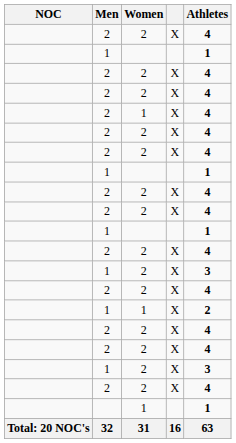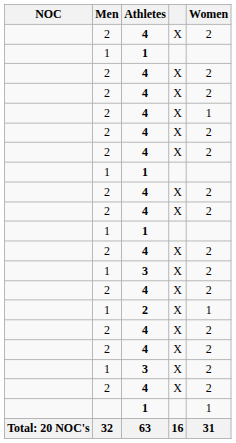 <table class="wikitable sortable" style="text-align:center; font-size:90%">
 <tr>
 <th>NOC</th>
 <th>Men</th>
+<th>Athletes</th>
+<th></th>
 <th>Women</th>
-<th></th>
-<th>Athletes</th>
 </tr>
 <tr>
 <td align=left></td>
 <td>2</td>
+<td><strong>4</strong></td>
+<td>X</td>
 <td>2</td>
-<td>X</td>
-<td><strong>4</strong></td>
 </tr>
 <tr>
 <td align=left></td>
 <td>1</td>
+<td><strong>1</strong></td>
 <td></td>
 <td></td>
-<td><strong>1</strong></td>
 </tr>
 <tr>
 <td align=left></td>
 <td>2</td>
+<td><strong>4</strong></td>
+<td>X</td>
 <td>2</td>
-<td>X</td>
-<td><strong>4</strong></td>
 </tr>
 <tr>
 <td align=left></td>
 <td>2</td>
+<td><strong>4</strong></td>
+<td>X</td>
 <td>2</td>
-<td>X</td>
-<td><strong>4</strong></td>
 </tr>
 <tr>
 <td align=left></td>
 <td>2</td>
+<td><strong>4</strong></td>
+<td>X</td>
 <td>1</td>
-<td>X</td>
-<td><strong>4</strong></td>
 </tr>
 <tr>
 <td align=left></td>
 <td>2</td>
+<td><strong>4</strong></td>
+<td>X</td>
 <td>2</td>
-<td>X</td>
-<td><strong>4</strong></td>
 </tr>
 <tr>
 <td align=left></td>
 <td>2</td>
+<td><strong>4</strong></td>
+<td>X</td>
 <td>2</td>
-<td>X</td>
-<td><strong>4</strong></td>
 </tr>
 <tr>
 <td align=left></td>
 <td>1</td>
+<td><strong>1</strong></td>
 <td></td>
 <td></td>
-<td><strong>1</strong></td>
 </tr>
 <tr>
 <td align=left></td>
 <td>2</td>
+<td><strong>4</strong></td>
+<td>X</td>
 <td>2</td>
-<td>X</td>
-<td><strong>4</strong></td>
 </tr>
 <tr>
 <td align=left></td>
 <td>2</td>
+<td><strong>4</strong></td>
+<td>X</td>
 <td>2</td>
-<td>X</td>
-<td><strong>4</strong></td>
 </tr>
 <tr>
 <td align=left></td>
 <td>1</td>
+<td><strong>1</strong></td>
 <td></td>
 <td></td>
-<td><strong>1</strong></td>
 </tr>
 <tr>
 <td align=left></td>
 <td>2</td>
+<td><strong>4</strong></td>
+<td>X</td>
 <td>2</td>
-<td>X</td>
-<td><strong>4</strong></td>
 </tr>
 <tr>
 <td align=left></td>
 <td>1</td>
+<td><strong>3</strong></td>
+<td>X</td>
 <td>2</td>
-<td>X</td>
-<td><strong>3</strong></td>
 </tr>
 <tr>
 <td align=left></td>
 <td>2</td>
+<td><strong>4</strong></td>
+<td>X</td>
 <td>2</td>
-<td>X</td>
-<td><strong>4</strong></td>
 </tr>
 <tr>
 <td align=left></td>
 <td>1</td>
+<td><strong>2</strong></td>
+<td>X</td>
 <td>1</td>
-<td>X</td>
-<td><strong>2</strong></td>
 </tr>
 <tr>
 <td align=left></td>
 <td>2</td>
+<td><strong>4</strong></td>
+<td>X</td>
 <td>2</td>
-<td>X</td>
-<td><strong>4</strong></td>
 </tr>
 <tr>
 <td align=left></td>
 <td>2</td>
+<td><strong>4</strong></td>
+<td>X</td>
 <td>2</td>
-<td>X</td>
-<td><strong>4</strong></td>
 </tr>
 <tr>
 <td align=left></td>
 <td>1</td>
+<td><strong>3</strong></td>
+<td>X</td>
 <td>2</td>
-<td>X</td>
-<td><strong>3</strong></td>
 </tr>
 <tr>
 <td align=left></td>
 <td>2</td>
+<td><strong>4</strong></td>
+<td>X</td>
 <td>2</td>
-<td>X</td>
-<td><strong>4</strong></td>
 </tr>
 <tr>
 <td align=left></td>
 <td></td>
+<td><strong>1</strong></td>
+<td></td>
 <td>1</td>
-<td></td>
-<td><strong>1</strong></td>
 </tr>
 <tr>
 <th>Total: 20 NOC's</th>
 <th>32</th>
+<th>63</th>
+<th>16</th>
 <th>31</th>
-<th>16</th>
-<th>63</th>
 </tr>
 </table>
